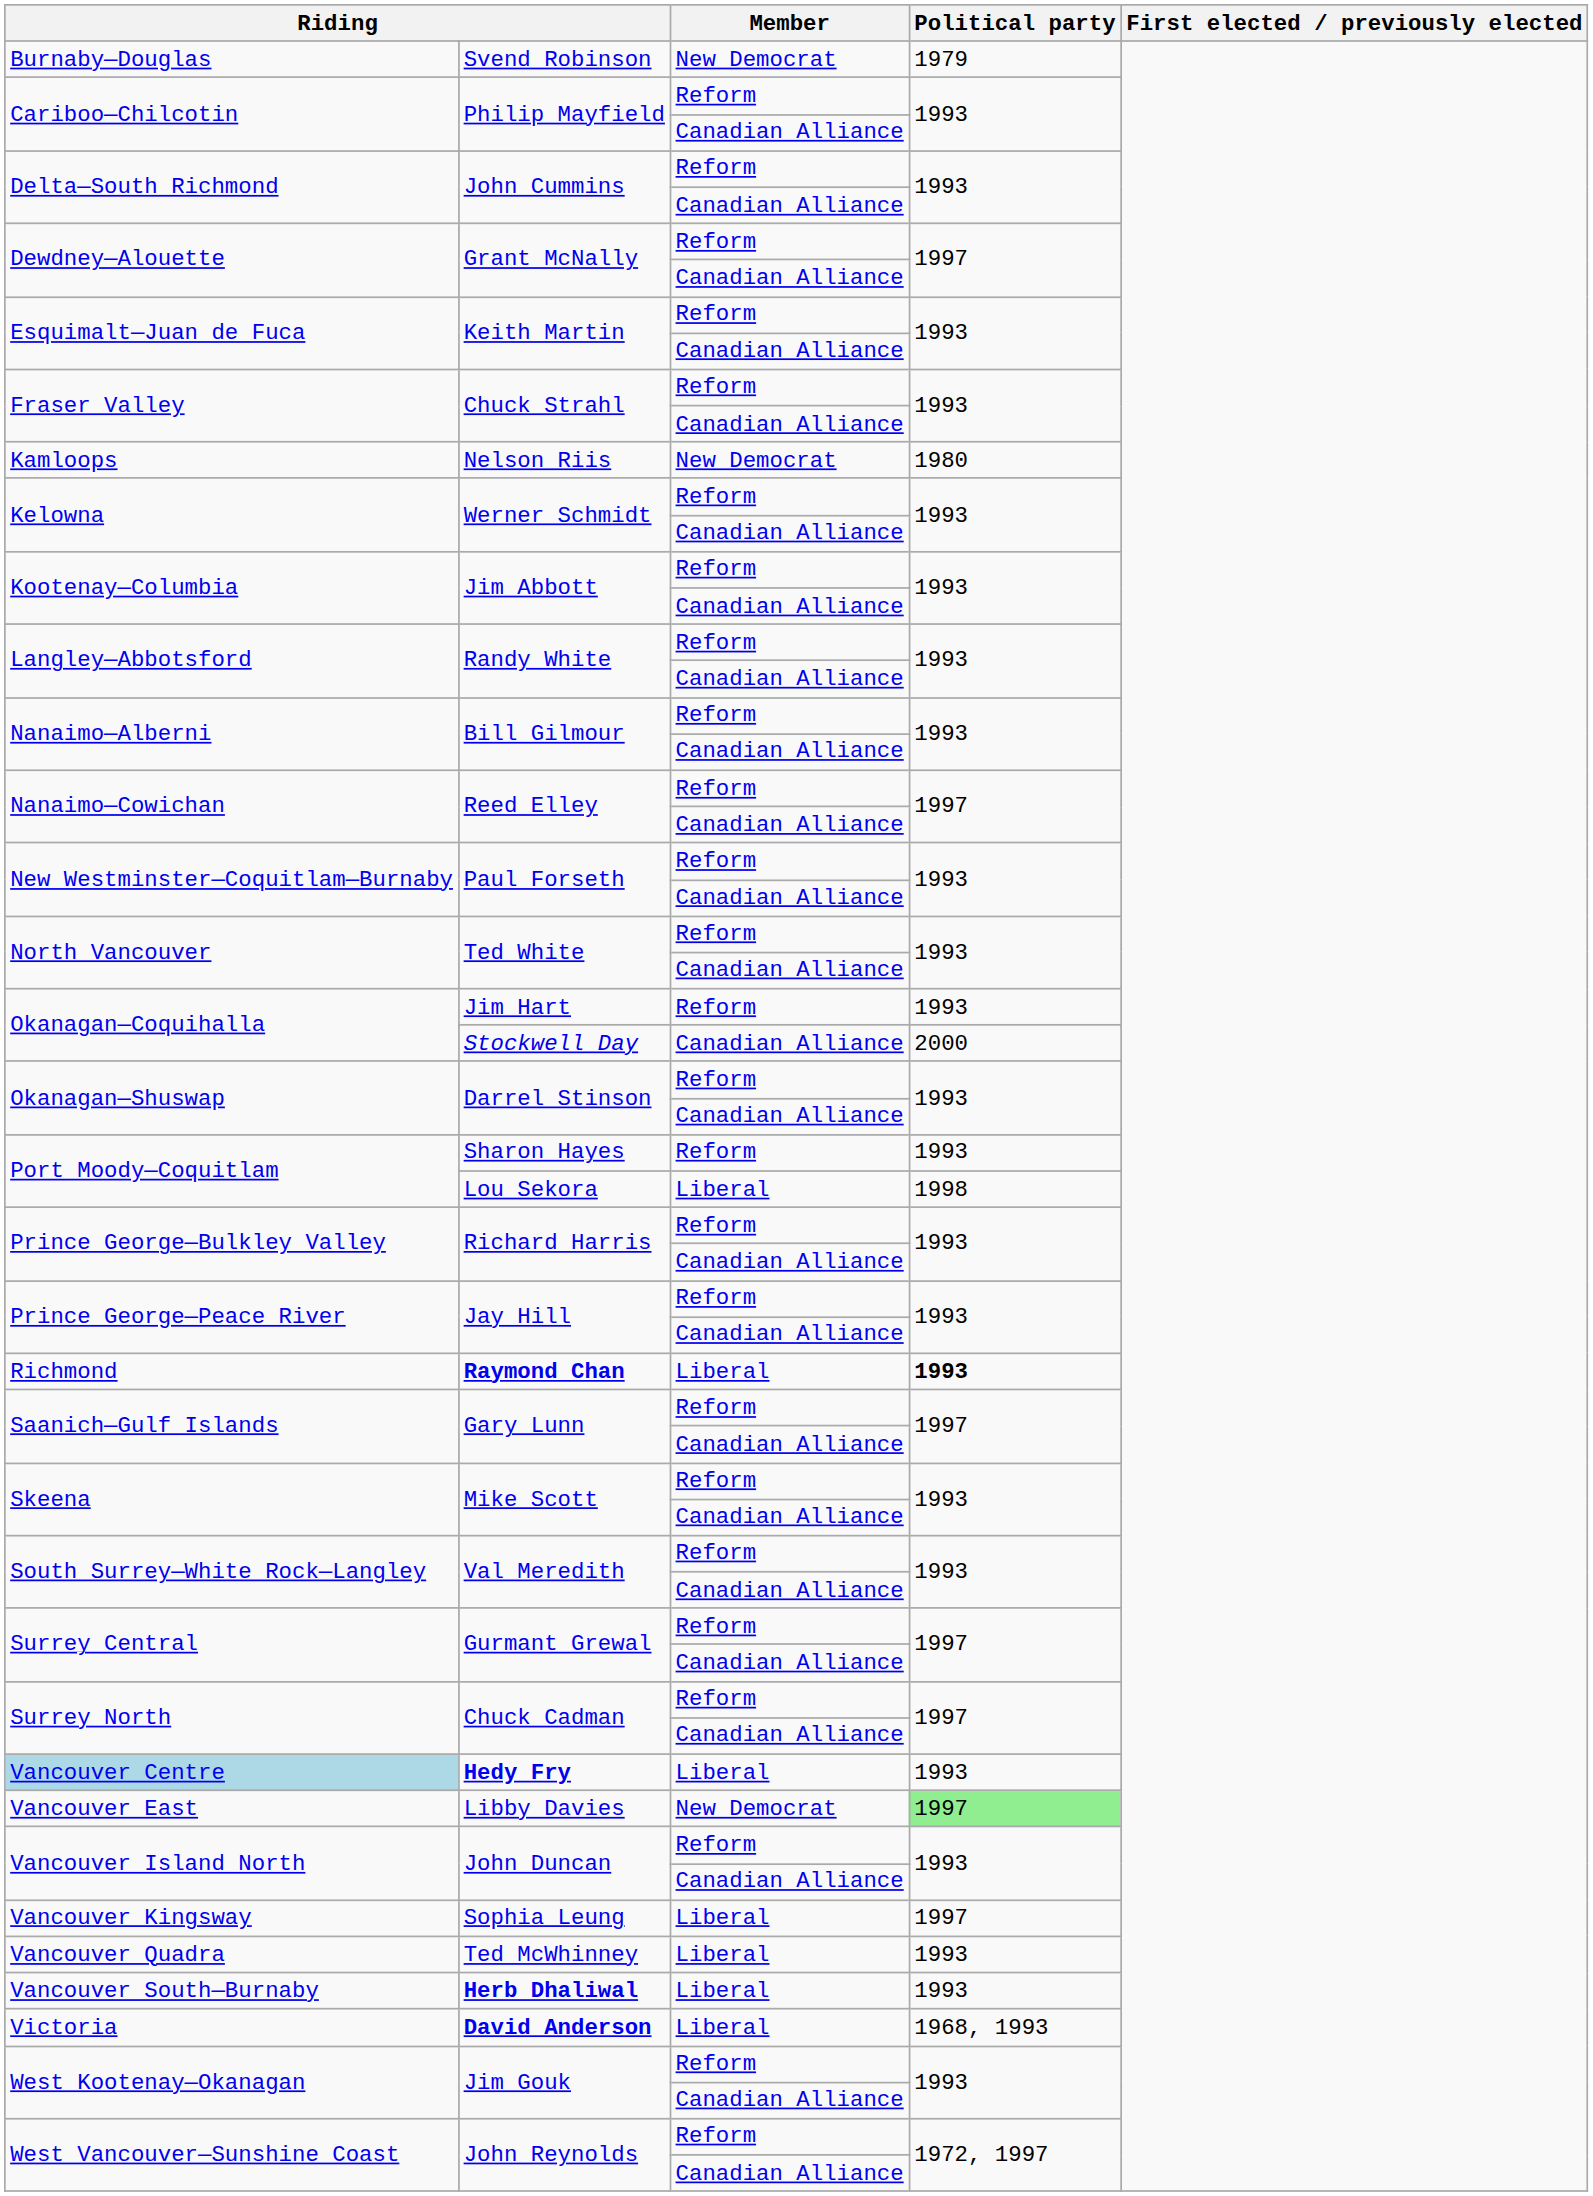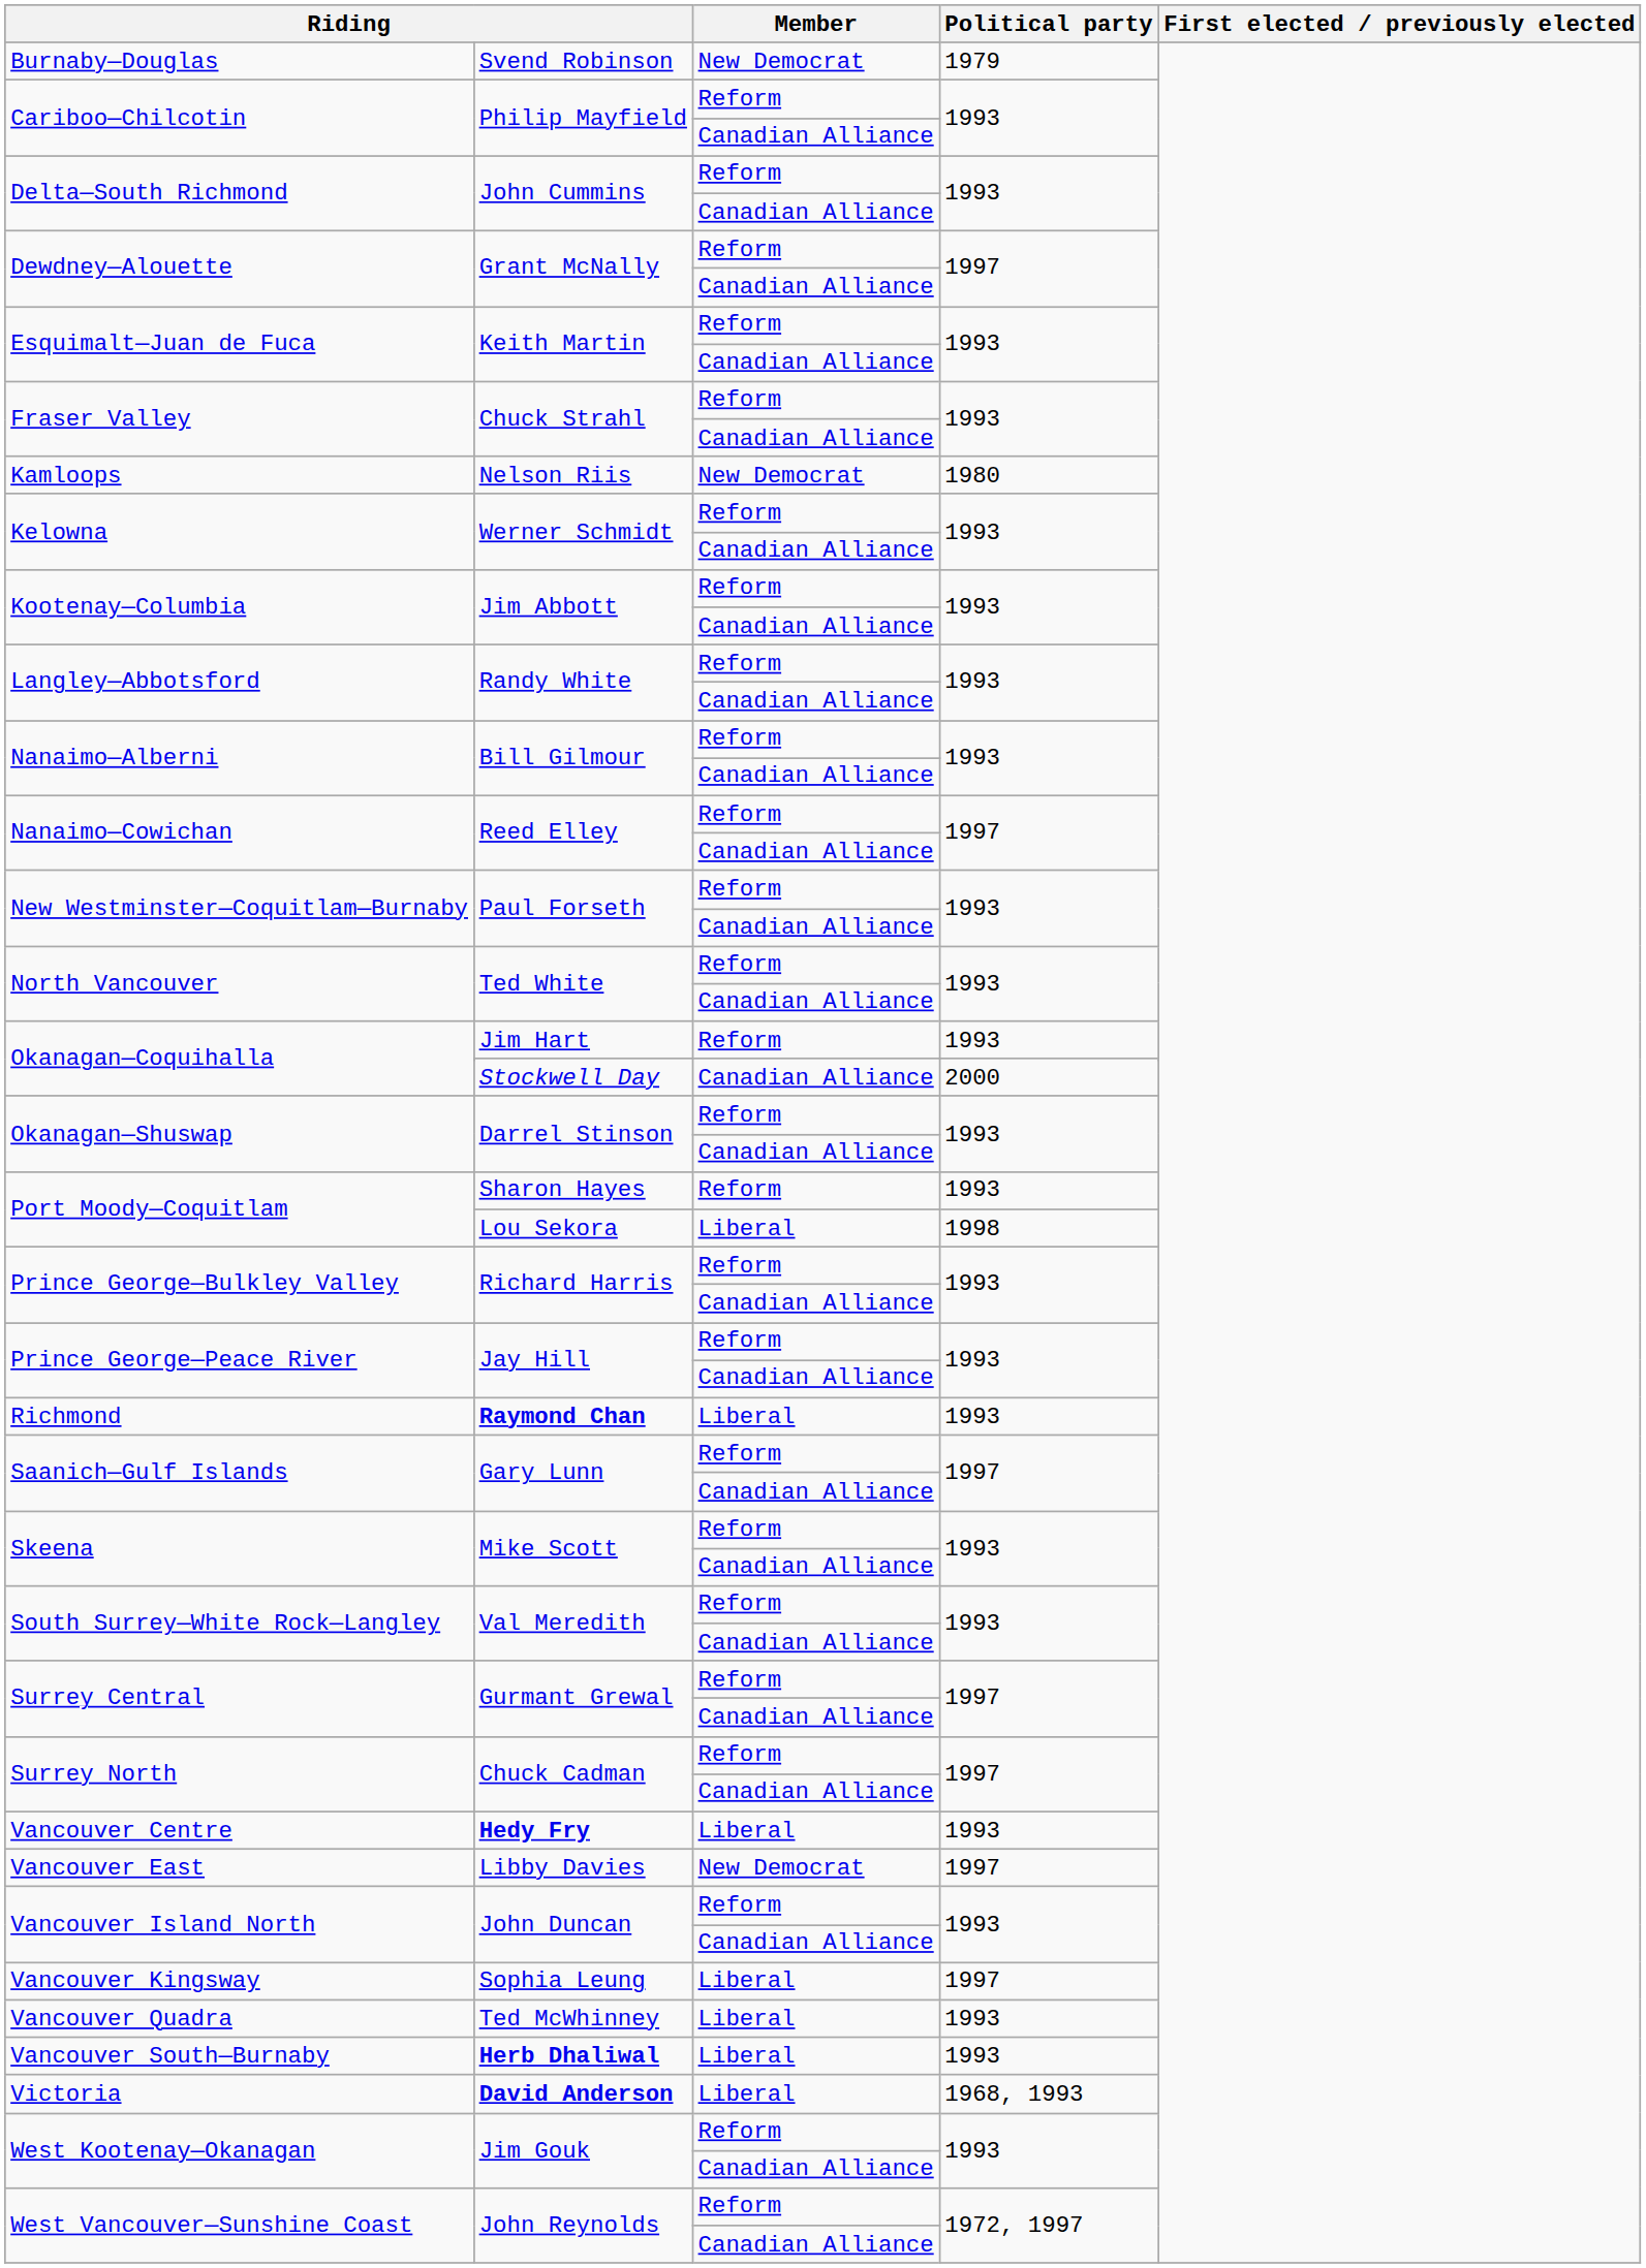 <table class="wikitable">
 <tr>
 <th colspan="2">Riding</th>
 <th>Member</th>
 <th>Political party</th>
 <th>First elected / previously elected</th>
 </tr>
 <tr>
 <td><a href='#'>Burnaby—Douglas</a></td>
 <td><a href='#'>Svend Robinson</a></td>
 <td><a href='#'>New Democrat</a></td>
 <td>1979</td>
 </tr>
 <tr>
 <td rowspan="2"><a href='#'>Cariboo—Chilcotin</a></td>
 <td rowspan="2"><a href='#'>Philip Mayfield</a></td>
 <td><a href='#'>Reform</a></td>
 <td rowspan="2">1993</td>
 </tr>
 <tr>
 <td><a href='#'>Canadian Alliance</a></td>
 </tr>
 <tr>
 <td rowspan="2"><a href='#'>Delta—South Richmond</a></td>
 <td rowspan="2"><a href='#'>John Cummins</a></td>
 <td><a href='#'>Reform</a></td>
 <td rowspan="2">1993</td>
 </tr>
 <tr>
 <td><a href='#'>Canadian Alliance</a></td>
 </tr>
 <tr>
 <td rowspan="2"><a href='#'>Dewdney—Alouette</a></td>
 <td rowspan="2"><a href='#'>Grant McNally</a></td>
 <td><a href='#'>Reform</a></td>
 <td rowspan="2">1997</td>
 </tr>
 <tr>
 <td><a href='#'>Canadian Alliance</a></td>
 </tr>
 <tr>
 <td rowspan="2"><a href='#'>Esquimalt—Juan de Fuca</a></td>
 <td rowspan="2"><a href='#'>Keith Martin</a></td>
 <td><a href='#'>Reform</a></td>
 <td rowspan="2">1993</td>
 </tr>
 <tr>
 <td><a href='#'>Canadian Alliance</a></td>
 </tr>
 <tr>
 <td rowspan="2"><a href='#'>Fraser Valley</a></td>
 <td rowspan="2"><a href='#'>Chuck Strahl</a></td>
 <td><a href='#'>Reform</a></td>
 <td rowspan="2">1993</td>
 </tr>
 <tr>
 <td><a href='#'>Canadian Alliance</a></td>
 </tr>
 <tr>
 <td><a href='#'>Kamloops</a></td>
 <td><a href='#'>Nelson Riis</a></td>
 <td><a href='#'>New Democrat</a></td>
 <td>1980</td>
 </tr>
 <tr>
 <td rowspan="2"><a href='#'>Kelowna</a></td>
 <td rowspan="2"><a href='#'>Werner Schmidt</a></td>
 <td><a href='#'>Reform</a></td>
 <td rowspan="2">1993</td>
 </tr>
 <tr>
 <td><a href='#'>Canadian Alliance</a></td>
 </tr>
 <tr>
 <td rowspan="2"><a href='#'>Kootenay—Columbia</a></td>
 <td rowspan="2"><a href='#'>Jim Abbott</a></td>
 <td><a href='#'>Reform</a></td>
 <td rowspan="2">1993</td>
 </tr>
 <tr>
 <td><a href='#'>Canadian Alliance</a></td>
 </tr>
 <tr>
 <td rowspan="2"><a href='#'>Langley—Abbotsford</a></td>
 <td rowspan="2"><a href='#'>Randy White</a></td>
 <td><a href='#'>Reform</a></td>
 <td rowspan="2">1993</td>
 </tr>
 <tr>
 <td><a href='#'>Canadian Alliance</a></td>
 </tr>
 <tr>
 <td rowspan="2"><a href='#'>Nanaimo—Alberni</a></td>
 <td rowspan="2"><a href='#'>Bill Gilmour</a></td>
 <td><a href='#'>Reform</a></td>
 <td rowspan="2">1993</td>
 </tr>
 <tr>
 <td><a href='#'>Canadian Alliance</a></td>
 </tr>
 <tr>
 <td rowspan="2"><a href='#'>Nanaimo—Cowichan</a></td>
 <td rowspan="2"><a href='#'>Reed Elley</a></td>
 <td><a href='#'>Reform</a></td>
 <td rowspan="2">1997</td>
 </tr>
 <tr>
 <td><a href='#'>Canadian Alliance</a></td>
 </tr>
 <tr>
 <td rowspan="2"><a href='#'>New Westminster—Coquitlam—Burnaby</a></td>
 <td rowspan="2"><a href='#'>Paul Forseth</a></td>
 <td><a href='#'>Reform</a></td>
 <td rowspan="2">1993</td>
 </tr>
 <tr>
 <td><a href='#'>Canadian Alliance</a></td>
 </tr>
 <tr>
 <td rowspan="2"><a href='#'>North Vancouver</a></td>
 <td rowspan="2"><a href='#'>Ted White</a></td>
 <td><a href='#'>Reform</a></td>
 <td rowspan="2">1993</td>
 </tr>
 <tr>
 <td><a href='#'>Canadian Alliance</a></td>
 </tr>
 <tr>
 <td rowspan="3"><a href='#'>Okanagan—Coquihalla</a></td>
 <td rowspan="2"><a href='#'>Jim Hart</a></td>
 <td><a href='#'>Reform</a></td>
 <td rowspan="2">1993</td>
 </tr>
 <tr>
 <td rowspan="2"><a href='#'>Canadian Alliance</a></td>
 </tr>
 <tr>
 <td><em><a href='#'>Stockwell Day</a></em></td>
 <td>2000</td>
 </tr>
 <tr>
 <td rowspan="2"><a href='#'>Okanagan—Shuswap</a></td>
 <td rowspan="2"><a href='#'>Darrel Stinson</a></td>
 <td><a href='#'>Reform</a></td>
 <td rowspan="2">1993</td>
 </tr>
 <tr>
 <td><a href='#'>Canadian Alliance</a></td>
 </tr>
 <tr>
 <td rowspan="2"><a href='#'>Port Moody—Coquitlam</a></td>
 <td><a href='#'>Sharon Hayes</a></td>
 <td><a href='#'>Reform</a></td>
 <td>1993</td>
 </tr>
 <tr>
 <td><a href='#'>Lou Sekora</a></td>
 <td><a href='#'>Liberal</a></td>
 <td>1998</td>
 </tr>
 <tr>
 <td rowspan="2"><a href='#'>Prince George—Bulkley Valley</a></td>
 <td rowspan="2"><a href='#'>Richard Harris</a></td>
 <td><a href='#'>Reform</a></td>
 <td rowspan="2">1993</td>
 </tr>
 <tr>
 <td><a href='#'>Canadian Alliance</a></td>
 </tr>
 <tr>
 <td rowspan="2"><a href='#'>Prince George—Peace River</a></td>
 <td rowspan="2"><a href='#'>Jay Hill</a></td>
 <td><a href='#'>Reform</a></td>
 <td rowspan="2">1993</td>
 </tr>
 <tr>
 <td><a href='#'>Canadian Alliance</a></td>
 </tr>
 <tr>
 <td><a href='#'>Richmond</a></td>
 <td><strong><a href='#'>Raymond Chan</a></strong></td>
 <td><a href='#'>Liberal</a></td>
-<td><strong>1993</strong></td>
+<td>1993</td>
 </tr>
 <tr>
 <td rowspan="2"><a href='#'>Saanich—Gulf Islands</a></td>
 <td rowspan="2"><a href='#'>Gary Lunn</a></td>
 <td><a href='#'>Reform</a></td>
 <td rowspan="2">1997</td>
 </tr>
 <tr>
 <td><a href='#'>Canadian Alliance</a></td>
 </tr>
 <tr>
 <td rowspan="2"><a href='#'>Skeena</a></td>
 <td rowspan="2"><a href='#'>Mike Scott</a></td>
 <td><a href='#'>Reform</a></td>
 <td rowspan="2">1993</td>
 </tr>
 <tr>
 <td><a href='#'>Canadian Alliance</a></td>
 </tr>
 <tr>
 <td rowspan="2"><a href='#'>South Surrey—White Rock—Langley</a></td>
 <td rowspan="2"><a href='#'>Val Meredith</a></td>
 <td><a href='#'>Reform</a></td>
 <td rowspan="2">1993</td>
 </tr>
 <tr>
 <td><a href='#'>Canadian Alliance</a></td>
 </tr>
 <tr>
 <td rowspan="2"><a href='#'>Surrey Central</a></td>
 <td rowspan="2"><a href='#'>Gurmant Grewal</a></td>
 <td><a href='#'>Reform</a></td>
 <td rowspan="2">1997</td>
 </tr>
 <tr>
 <td><a href='#'>Canadian Alliance</a></td>
 </tr>
 <tr>
 <td rowspan="2"><a href='#'>Surrey North</a></td>
 <td rowspan="2"><a href='#'>Chuck Cadman</a></td>
 <td><a href='#'>Reform</a></td>
 <td rowspan="2">1997</td>
 </tr>
 <tr>
 <td><a href='#'>Canadian Alliance</a></td>
 </tr>
 <tr>
-<td style="background: lightblue;"><a href='#'>Vancouver Centre</a></td>
+<td><a href='#'>Vancouver Centre</a></td>
 <td><strong><a href='#'>Hedy Fry</a></strong></td>
 <td><a href='#'>Liberal</a></td>
 <td>1993</td>
 </tr>
 <tr>
 <td><a href='#'>Vancouver East</a></td>
 <td><a href='#'>Libby Davies</a></td>
 <td><a href='#'>New Democrat</a></td>
-<td style="background: lightgreen;">1997</td>
+<td>1997</td>
 </tr>
 <tr>
 <td rowspan="2"><a href='#'>Vancouver Island North</a></td>
 <td rowspan="2"><a href='#'>John Duncan</a></td>
 <td><a href='#'>Reform</a></td>
 <td rowspan="2">1993</td>
 </tr>
 <tr>
 <td><a href='#'>Canadian Alliance</a></td>
 </tr>
 <tr>
 <td><a href='#'>Vancouver Kingsway</a></td>
 <td><a href='#'>Sophia Leung</a> </td>
 <td><a href='#'>Liberal</a></td>
 <td>1997</td>
 </tr>
 <tr>
 <td><a href='#'>Vancouver Quadra</a></td>
 <td><a href='#'>Ted McWhinney</a> </td>
 <td><a href='#'>Liberal</a></td>
 <td>1993</td>
 </tr>
 <tr>
 <td><a href='#'>Vancouver South—Burnaby</a></td>
 <td><strong><a href='#'>Herb Dhaliwal</a></strong></td>
 <td><a href='#'>Liberal</a></td>
 <td>1993</td>
 </tr>
 <tr>
 <td><a href='#'>Victoria</a></td>
 <td><strong><a href='#'>David Anderson</a></strong></td>
 <td><a href='#'>Liberal</a></td>
 <td>1968, 1993</td>
 </tr>
 <tr>
 <td rowspan="2"><a href='#'>West Kootenay—Okanagan</a></td>
 <td rowspan="2"><a href='#'>Jim Gouk</a></td>
 <td><a href='#'>Reform</a></td>
 <td rowspan="2">1993</td>
 </tr>
 <tr>
 <td><a href='#'>Canadian Alliance</a></td>
 </tr>
 <tr>
 <td rowspan="2"><a href='#'>West Vancouver—Sunshine Coast</a></td>
 <td rowspan="2"><a href='#'>John Reynolds</a></td>
 <td><a href='#'>Reform</a></td>
 <td rowspan="2">1972, 1997</td>
 </tr>
 <tr>
 <td><a href='#'>Canadian Alliance</a></td>
 </tr>
 </table>
